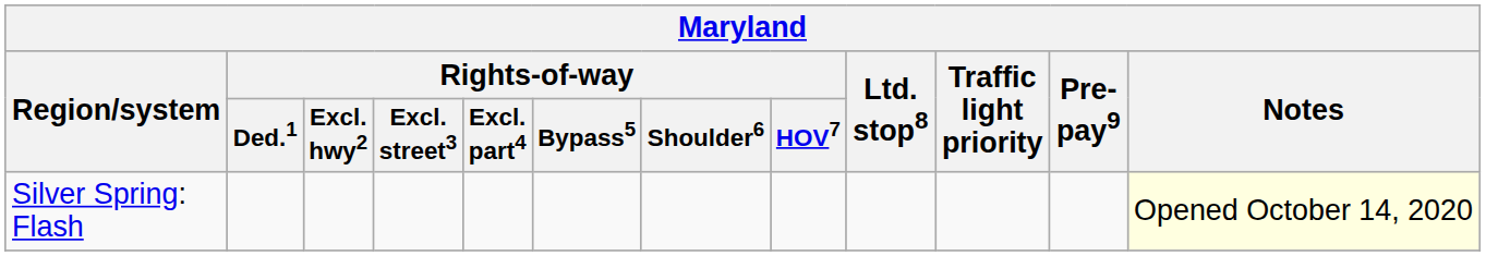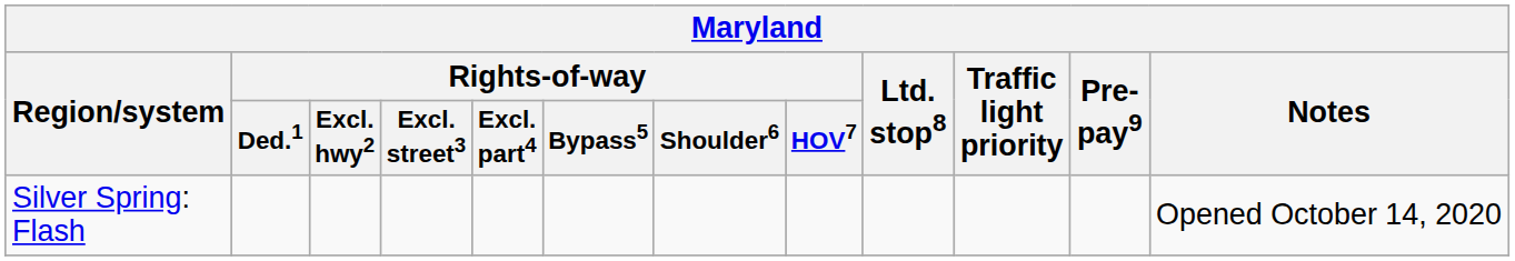 <table class="wikitable">
 <tr>
 <th colspan="12"><a href='#'>Maryland</a></th>
 </tr>
 <tr>
 <th rowspan="2">Region/system</th>
 <th colspan="7">Rights-of-way</th>
 <th rowspan="2">Ltd.<br>stop<sup>8</sup></th>
 <th rowspan="2">Traffic<br>light<br>priority</th>
 <th rowspan="2">Pre-<br>pay<sup>9</sup></th>
 <th rowspan="2">Notes</th>
 </tr>
 <tr style="font-size: smaller">
 <th>Ded.<sup>1</sup></th>
 <th>Excl.<br>hwy<sup>2</sup></th>
 <th>Excl.<br>street<sup>3</sup></th>
 <th>Excl.<br>part<sup>4</sup></th>
 <th>Bypass<sup>5</sup></th>
 <th>Shoulder<sup>6</sup></th>
 <th><a href='#'>HOV</a><sup>7</sup></th>
 </tr>
 <tr>
 <td><a href='#'>Silver Spring</a>:<br><a href='#'>Flash</a></td>
 <td></td>
 <td></td>
 <td></td>
 <td></td>
 <td></td>
 <td></td>
 <td></td>
 <td></td>
 <td></td>
 <td></td>
-<td style="background: lightyellow;">Opened October 14, 2020</td>
+<td>Opened October 14, 2020</td>
 </tr>
 </table>
